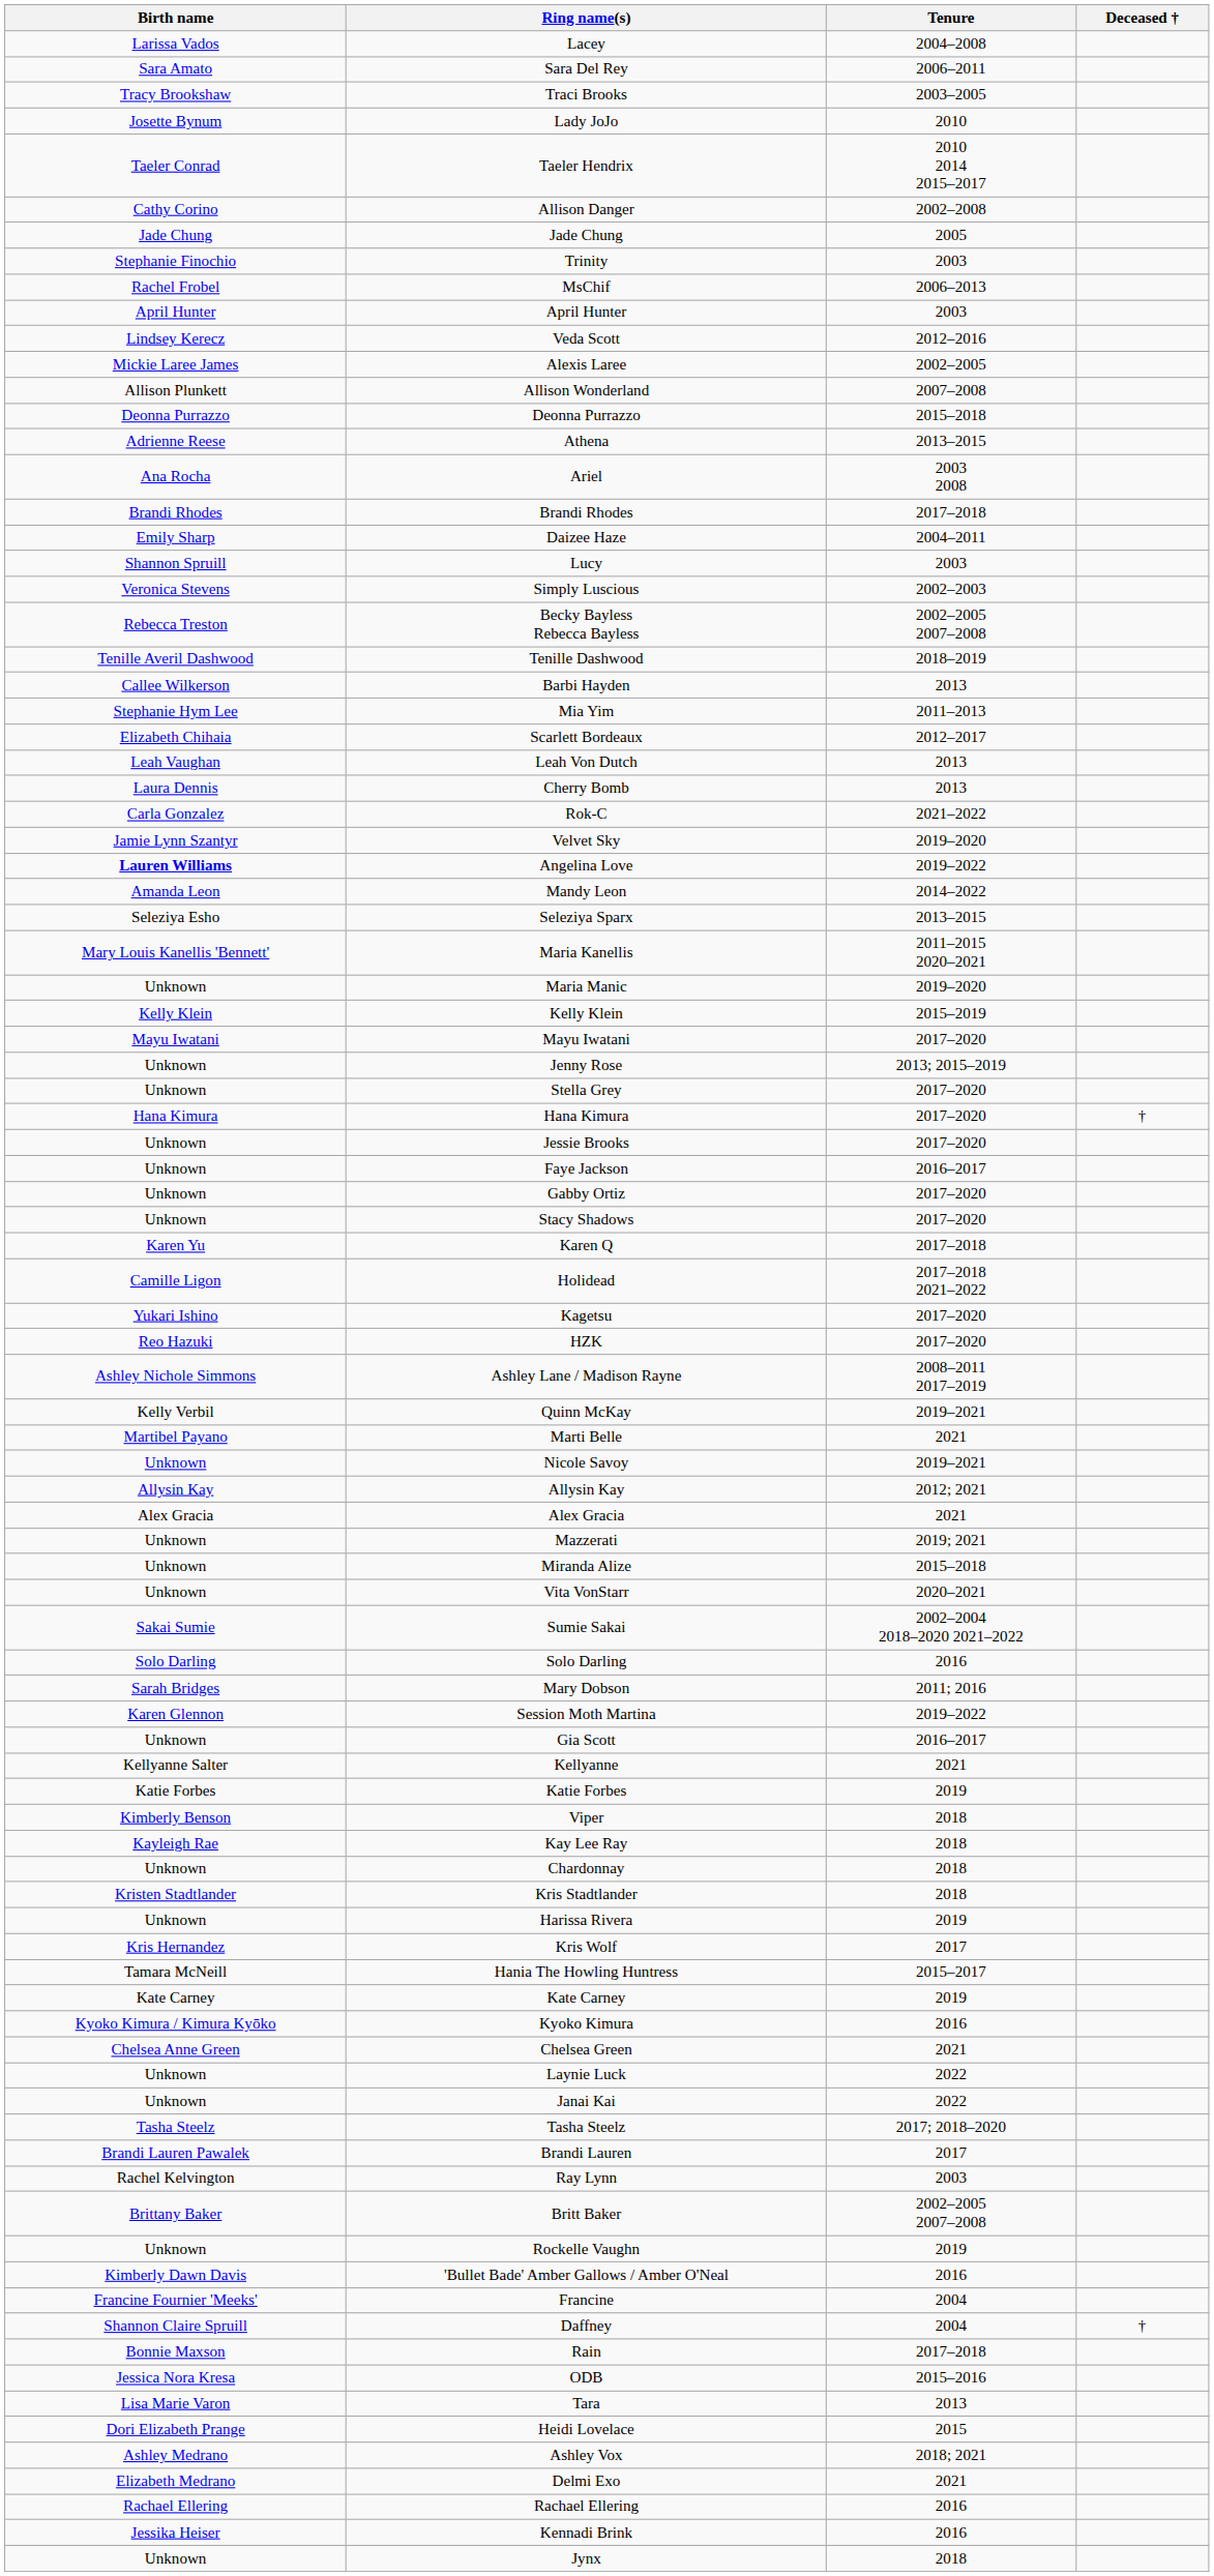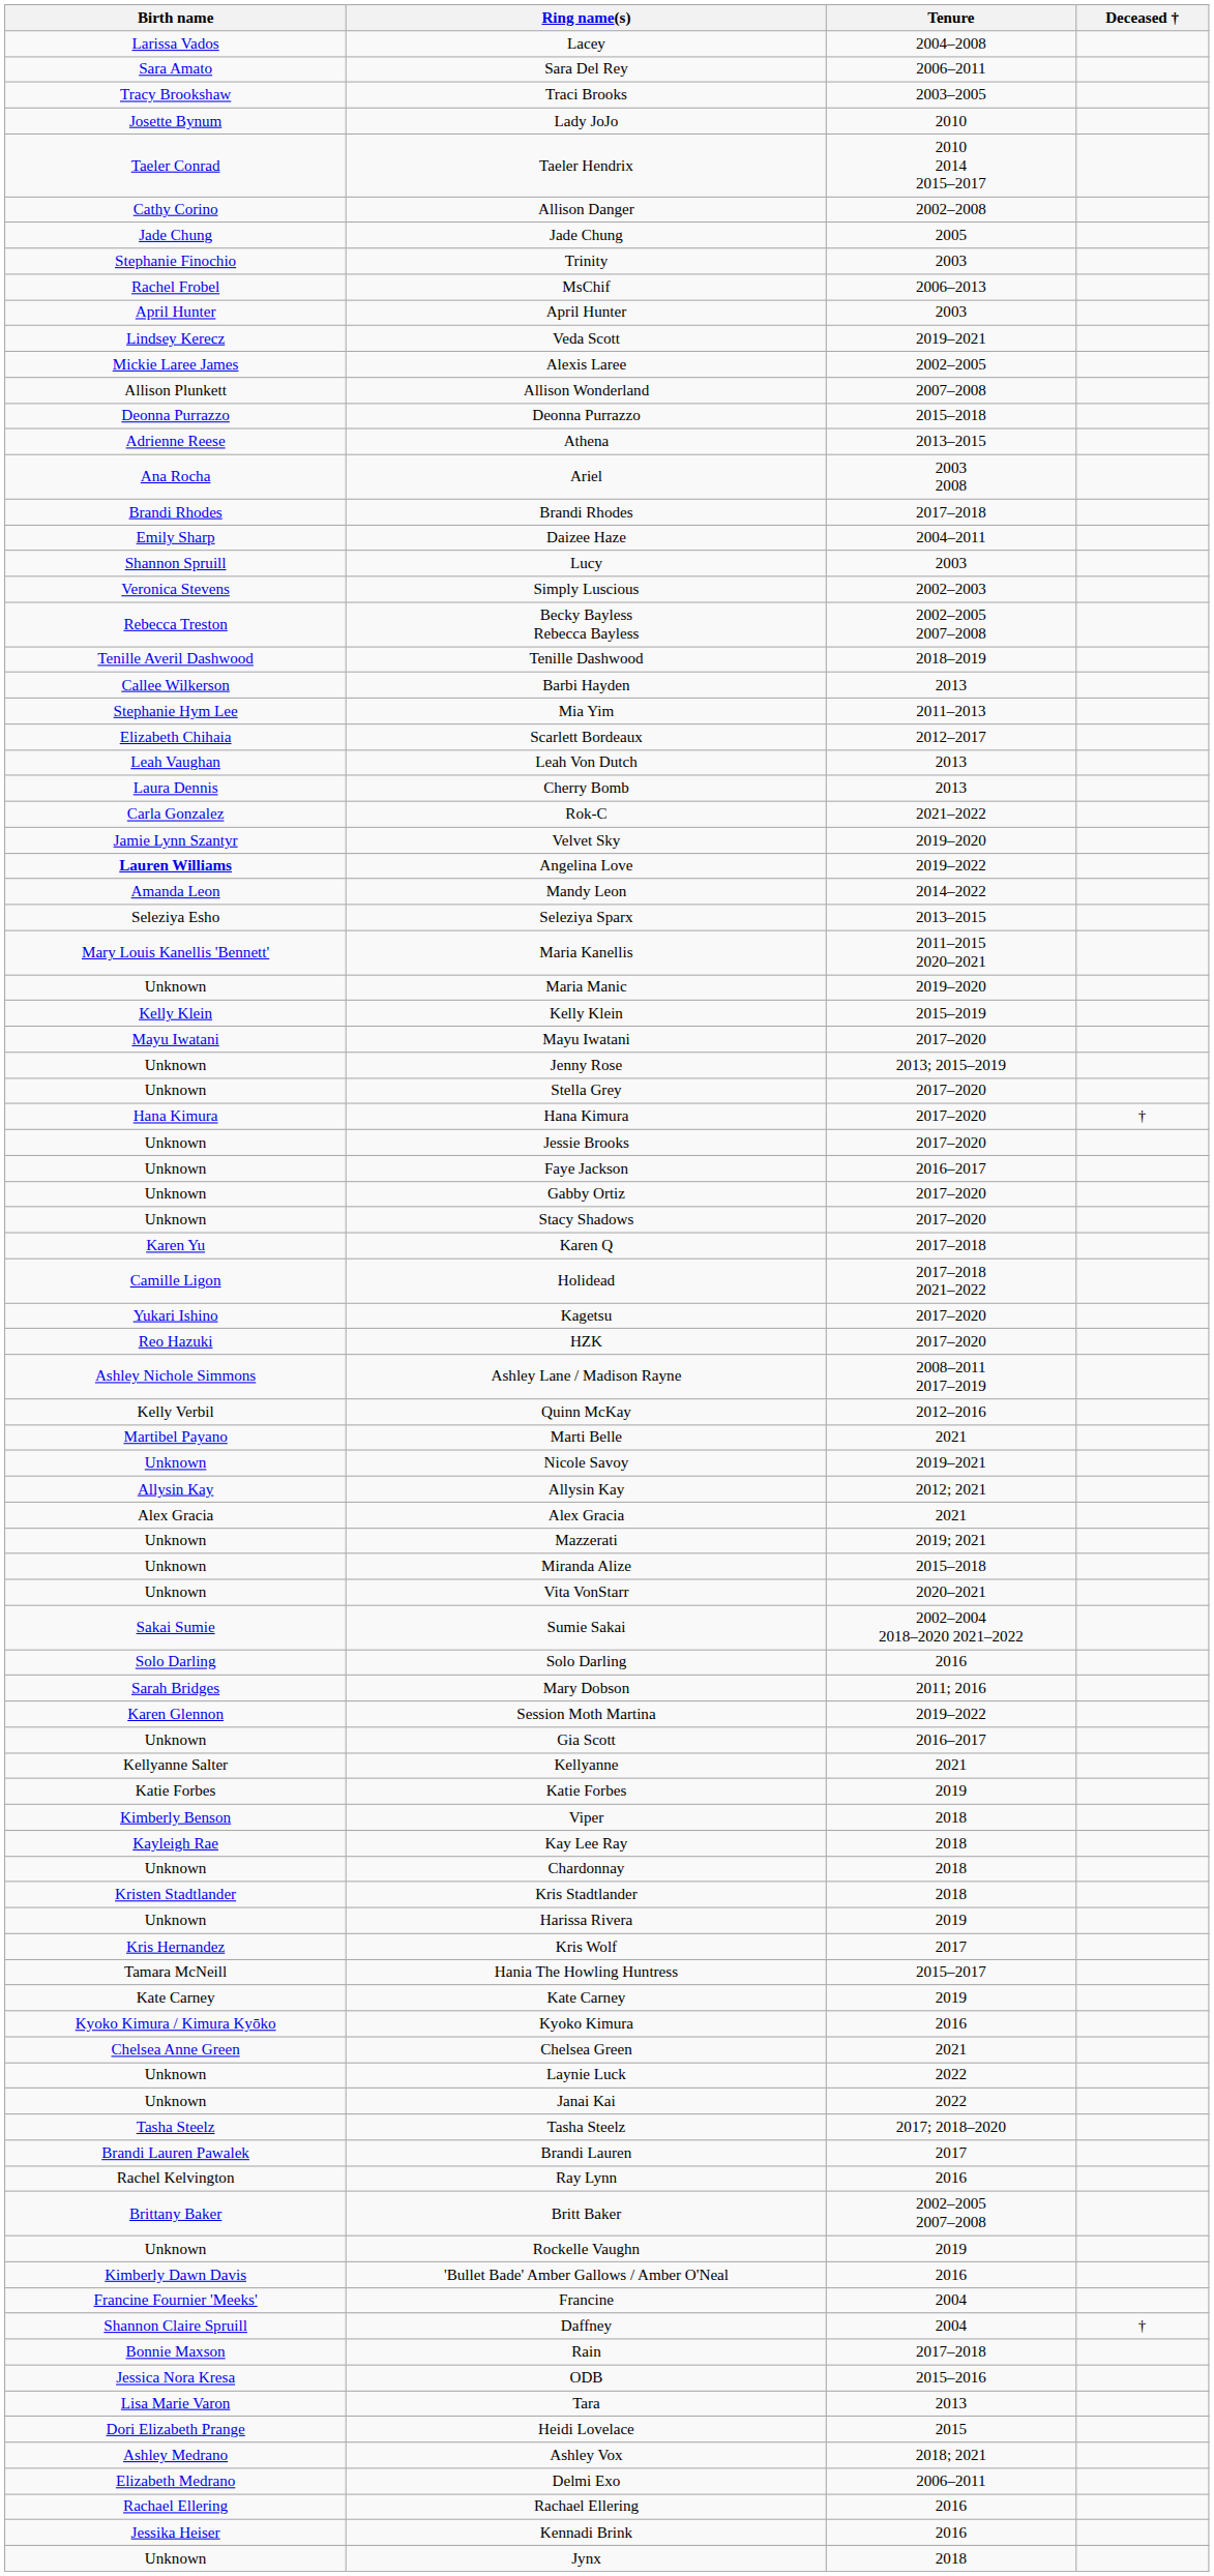 <table class="sortable wikitable" style="font-size:90%; text-align:center; width:70%;">
 <tr>
 <th>Birth name</th>
 <th><a href='#'>Ring name</a>(s)</th>
 <th>Tenure</th>
 <th>Deceased †</th>
 </tr>
 <tr>
 <td><a href='#'>Larissa Vados</a></td>
 <td>Lacey</td>
 <td>2004–2008</td>
 <td></td>
 </tr>
 <tr>
 <td><a href='#'>Sara Amato</a></td>
 <td>Sara Del Rey</td>
 <td>2006–2011</td>
 <td></td>
 </tr>
 <tr>
 <td><a href='#'>Tracy Brookshaw</a></td>
 <td>Traci Brooks</td>
 <td>2003–2005</td>
 <td></td>
 </tr>
 <tr>
 <td><a href='#'>Josette Bynum</a></td>
 <td>Lady JoJo</td>
 <td>2010</td>
 <td></td>
 </tr>
 <tr>
 <td><a href='#'>Taeler Conrad</a></td>
 <td>Taeler Hendrix</td>
 <td>2010<br>2014<br>2015–2017</td>
 <td></td>
 </tr>
 <tr>
 <td><a href='#'>Cathy Corino</a></td>
 <td>Allison Danger</td>
 <td>2002–2008</td>
 <td></td>
 </tr>
 <tr>
 <td><a href='#'>Jade Chung</a></td>
 <td>Jade Chung</td>
 <td>2005</td>
 <td></td>
 </tr>
 <tr>
 <td><a href='#'>Stephanie Finochio</a></td>
 <td>Trinity</td>
 <td>2003</td>
 <td></td>
 </tr>
 <tr>
 <td><a href='#'>Rachel Frobel</a></td>
 <td>MsChif</td>
 <td>2006–2013</td>
 <td></td>
 </tr>
 <tr>
 <td><a href='#'>April Hunter</a></td>
 <td>April Hunter</td>
 <td>2003</td>
 <td></td>
 </tr>
 <tr>
 <td><a href='#'>Lindsey Kerecz</a></td>
 <td>Veda Scott</td>
-<td>2012–2016</td>
+<td>2019–2021</td>
 <td></td>
 </tr>
 <tr>
 <td><a href='#'>Mickie Laree James</a></td>
 <td>Alexis Laree</td>
 <td>2002–2005</td>
 <td></td>
 </tr>
 <tr>
 <td>Allison Plunkett</td>
 <td>Allison Wonderland</td>
 <td>2007–2008</td>
 <td></td>
 </tr>
 <tr>
 <td><a href='#'>Deonna Purrazzo</a></td>
 <td>Deonna Purrazzo</td>
 <td>2015–2018</td>
 <td></td>
 </tr>
 <tr>
 <td><a href='#'>Adrienne Reese</a></td>
 <td>Athena</td>
 <td>2013–2015</td>
 <td></td>
 </tr>
 <tr>
 <td><a href='#'>Ana Rocha</a></td>
 <td>Ariel</td>
 <td>2003<br>2008</td>
 <td></td>
 </tr>
 <tr>
 <td><a href='#'>Brandi Rhodes</a></td>
 <td>Brandi Rhodes</td>
 <td>2017–2018</td>
 <td></td>
 </tr>
 <tr>
 <td><a href='#'>Emily Sharp</a></td>
 <td>Daizee Haze</td>
 <td>2004–2011</td>
 <td></td>
 </tr>
 <tr>
 <td><a href='#'>Shannon Spruill</a></td>
 <td>Lucy</td>
 <td>2003</td>
 <td></td>
 </tr>
 <tr>
 <td><a href='#'>Veronica Stevens</a></td>
 <td>Simply Luscious</td>
 <td>2002–2003</td>
 <td></td>
 </tr>
 <tr>
 <td><a href='#'>Rebecca Treston</a></td>
 <td>Becky Bayless<br>Rebecca Bayless</td>
 <td>2002–2005<br>2007–2008</td>
 <td></td>
 </tr>
 <tr>
 <td><a href='#'>Tenille Averil Dashwood</a></td>
 <td>Tenille Dashwood</td>
 <td>2018–2019</td>
 <td></td>
 </tr>
 <tr>
 <td><a href='#'>Callee Wilkerson</a></td>
 <td>Barbi Hayden</td>
 <td>2013</td>
 <td></td>
 </tr>
 <tr>
 <td><a href='#'>Stephanie Hym Lee</a></td>
 <td>Mia Yim</td>
 <td>2011–2013</td>
 <td></td>
 </tr>
 <tr>
 <td><a href='#'>Elizabeth Chihaia</a></td>
 <td>Scarlett Bordeaux</td>
 <td>2012–2017</td>
 <td></td>
 </tr>
 <tr>
 <td><a href='#'>Leah Vaughan</a></td>
 <td>Leah Von Dutch</td>
 <td>2013</td>
 <td></td>
 </tr>
 <tr>
 <td><a href='#'>Laura Dennis</a></td>
 <td>Cherry Bomb</td>
 <td>2013</td>
 <td></td>
 </tr>
 <tr>
 <td><a href='#'>Carla Gonzalez</a></td>
 <td>Rok-C</td>
 <td>2021–2022</td>
 <td></td>
 </tr>
 <tr>
 <td><a href='#'>Jamie Lynn Szantyr</a></td>
 <td>Velvet Sky</td>
 <td>2019–2020</td>
 <td></td>
 </tr>
 <tr>
 <td><strong><a href='#'>Lauren Williams</a></strong></td>
 <td>Angelina Love</td>
 <td>2019–2022</td>
 <td></td>
 </tr>
 <tr>
 <td><a href='#'>Amanda Leon</a></td>
 <td>Mandy Leon</td>
 <td>2014–2022</td>
 <td></td>
 </tr>
 <tr>
 <td>Seleziya Esho</td>
 <td>Seleziya Sparx</td>
 <td>2013–2015</td>
 <td></td>
 </tr>
 <tr>
 <td><a href='#'>Mary Louis Kanellis 'Bennett'</a></td>
 <td>Maria Kanellis</td>
 <td>2011–2015<br>2020–2021</td>
 <td></td>
 </tr>
 <tr>
 <td>Unknown</td>
 <td>Maria Manic</td>
 <td>2019–2020</td>
 <td></td>
 </tr>
 <tr>
 <td><a href='#'>Kelly Klein</a></td>
 <td>Kelly Klein</td>
 <td>2015–2019</td>
 <td></td>
 </tr>
 <tr>
 <td><a href='#'>Mayu Iwatani</a></td>
 <td>Mayu Iwatani</td>
 <td>2017–2020</td>
 <td></td>
 </tr>
 <tr>
 <td>Unknown</td>
 <td>Jenny Rose</td>
 <td>2013; 2015–2019</td>
 <td></td>
 </tr>
 <tr>
 <td>Unknown</td>
 <td>Stella Grey</td>
 <td>2017–2020</td>
 <td></td>
 </tr>
 <tr>
 <td><a href='#'>Hana Kimura</a></td>
 <td>Hana Kimura</td>
 <td>2017–2020</td>
 <td>†</td>
 </tr>
 <tr>
 <td>Unknown</td>
 <td>Jessie Brooks</td>
 <td>2017–2020</td>
 <td></td>
 </tr>
 <tr>
 <td>Unknown</td>
 <td>Faye Jackson</td>
 <td>2016–2017</td>
 <td></td>
 </tr>
 <tr>
 <td>Unknown</td>
 <td>Gabby Ortiz</td>
 <td>2017–2020</td>
 <td></td>
 </tr>
 <tr>
 <td>Unknown</td>
 <td>Stacy Shadows</td>
 <td>2017–2020</td>
 <td></td>
 </tr>
 <tr>
 <td><a href='#'>Karen Yu</a></td>
 <td>Karen Q</td>
 <td>2017–2018</td>
 <td></td>
 </tr>
 <tr>
 <td><a href='#'>Camille Ligon</a></td>
 <td>Holidead</td>
 <td>2017–2018<br>2021–2022</td>
 <td></td>
 </tr>
 <tr>
 <td><a href='#'>Yukari Ishino</a></td>
 <td>Kagetsu</td>
 <td>2017–2020</td>
 <td></td>
 </tr>
 <tr>
 <td><a href='#'>Reo Hazuki</a></td>
 <td>HZK</td>
 <td>2017–2020</td>
 <td></td>
 </tr>
 <tr>
 <td><a href='#'>Ashley Nichole Simmons</a></td>
 <td>Ashley Lane / Madison Rayne</td>
 <td>2008–2011<br>2017–2019</td>
 <td></td>
 </tr>
 <tr>
 <td>Kelly Verbil</td>
 <td>Quinn McKay</td>
-<td>2019–2021</td>
+<td>2012–2016</td>
 <td></td>
 </tr>
 <tr>
 <td><a href='#'>Martibel Payano</a></td>
 <td>Marti Belle</td>
 <td>2021</td>
 <td></td>
 </tr>
 <tr>
 <td><a href='#'>Unknown</a></td>
 <td>Nicole Savoy</td>
 <td>2019–2021</td>
 <td></td>
 </tr>
 <tr>
 <td><a href='#'>Allysin Kay</a></td>
 <td>Allysin Kay</td>
 <td>2012; 2021</td>
 <td></td>
 </tr>
 <tr>
 <td>Alex Gracia</td>
 <td>Alex Gracia</td>
 <td>2021</td>
 <td></td>
 </tr>
 <tr>
 <td>Unknown</td>
 <td>Mazzerati</td>
 <td>2019; 2021</td>
 <td></td>
 </tr>
 <tr>
 <td>Unknown</td>
 <td>Miranda Alize</td>
 <td>2015–2018</td>
 <td></td>
 </tr>
 <tr>
 <td>Unknown</td>
 <td>Vita VonStarr</td>
 <td>2020–2021</td>
 <td></td>
 </tr>
 <tr>
 <td><a href='#'>Sakai Sumie</a></td>
 <td>Sumie Sakai</td>
 <td>2002–2004<br>2018–2020 2021–2022</td>
 <td></td>
 </tr>
 <tr>
 <td><a href='#'>Solo Darling</a></td>
 <td>Solo Darling</td>
 <td>2016</td>
 <td></td>
 </tr>
 <tr>
 <td><a href='#'>Sarah Bridges</a></td>
 <td>Mary Dobson</td>
 <td>2011; 2016</td>
 <td></td>
 </tr>
 <tr>
 <td><a href='#'>Karen Glennon</a></td>
 <td>Session Moth Martina</td>
 <td>2019–2022</td>
 <td></td>
 </tr>
 <tr>
 <td>Unknown</td>
 <td>Gia Scott</td>
 <td>2016–2017</td>
 <td></td>
 </tr>
 <tr>
 <td>Kellyanne Salter</td>
 <td>Kellyanne</td>
 <td>2021</td>
 <td></td>
 </tr>
 <tr>
 <td>Katie Forbes</td>
 <td>Katie Forbes</td>
 <td>2019</td>
 <td></td>
 </tr>
 <tr>
 <td><a href='#'>Kimberly Benson</a></td>
 <td>Viper</td>
 <td>2018</td>
 <td></td>
 </tr>
 <tr>
 <td><a href='#'>Kayleigh Rae</a></td>
 <td>Kay Lee Ray</td>
 <td>2018</td>
 <td></td>
 </tr>
 <tr>
 <td>Unknown</td>
 <td>Chardonnay</td>
 <td>2018</td>
 <td></td>
 </tr>
 <tr>
 <td><a href='#'>Kristen Stadtlander</a></td>
 <td>Kris Stadtlander</td>
 <td>2018</td>
 <td></td>
 </tr>
 <tr>
 <td>Unknown</td>
 <td>Harissa Rivera</td>
 <td>2019</td>
 <td></td>
 </tr>
 <tr>
 <td><a href='#'>Kris Hernandez</a></td>
 <td>Kris Wolf</td>
 <td>2017</td>
 <td></td>
 </tr>
 <tr>
 <td>Tamara McNeill</td>
 <td>Hania The Howling Huntress</td>
 <td>2015–2017</td>
 <td></td>
 </tr>
 <tr>
 <td>Kate Carney</td>
 <td>Kate Carney</td>
 <td>2019</td>
 <td></td>
 </tr>
 <tr>
 <td><a href='#'>Kyoko Kimura / Kimura Kyōko</a></td>
 <td>Kyoko Kimura</td>
 <td>2016</td>
 <td></td>
 </tr>
 <tr>
 <td><a href='#'>Chelsea Anne Green</a></td>
 <td>Chelsea Green</td>
 <td>2021</td>
 <td></td>
 </tr>
 <tr>
 <td>Unknown</td>
 <td>Laynie Luck</td>
 <td>2022</td>
 <td></td>
 </tr>
 <tr>
 <td>Unknown</td>
 <td>Janai Kai</td>
 <td>2022</td>
 <td></td>
 </tr>
 <tr>
 <td><a href='#'>Tasha Steelz</a></td>
 <td>Tasha Steelz</td>
 <td>2017; 2018–2020</td>
 <td></td>
 </tr>
 <tr>
 <td><a href='#'>Brandi Lauren Pawalek</a></td>
 <td>Brandi Lauren</td>
 <td>2017</td>
 <td></td>
 </tr>
 <tr>
 <td>Rachel Kelvington</td>
 <td>Ray Lynn</td>
-<td>2003</td>
+<td>2016</td>
 <td></td>
 </tr>
 <tr>
 <td><a href='#'>Brittany Baker</a></td>
 <td>Britt Baker</td>
 <td>2002–2005<br>2007–2008</td>
 <td></td>
 </tr>
 <tr>
 <td>Unknown</td>
 <td>Rockelle Vaughn</td>
 <td>2019</td>
 <td></td>
 </tr>
 <tr>
 <td><a href='#'>Kimberly Dawn Davis</a></td>
 <td>'Bullet Bade' Amber Gallows / Amber O'Neal</td>
 <td>2016</td>
 <td></td>
 </tr>
 <tr>
 <td><a href='#'>Francine Fournier 'Meeks'</a></td>
 <td>Francine</td>
 <td>2004</td>
 <td></td>
 </tr>
 <tr>
 <td><a href='#'>Shannon Claire Spruill</a></td>
 <td>Daffney</td>
 <td>2004</td>
 <td>†</td>
 </tr>
 <tr>
 <td><a href='#'>Bonnie Maxson</a></td>
 <td>Rain</td>
 <td>2017–2018</td>
 <td></td>
 </tr>
 <tr>
 <td><a href='#'>Jessica Nora Kresa</a></td>
 <td>ODB</td>
 <td>2015–2016</td>
 <td></td>
 </tr>
 <tr>
 <td><a href='#'>Lisa Marie Varon</a></td>
 <td>Tara</td>
 <td>2013</td>
 <td></td>
 </tr>
 <tr>
 <td><a href='#'>Dori Elizabeth Prange</a></td>
 <td>Heidi Lovelace</td>
 <td>2015</td>
 <td></td>
 </tr>
 <tr>
 <td><a href='#'>Ashley Medrano</a></td>
 <td>Ashley Vox</td>
 <td>2018; 2021</td>
 <td></td>
 </tr>
 <tr>
 <td><a href='#'>Elizabeth Medrano</a></td>
 <td>Delmi Exo</td>
-<td>2021</td>
+<td>2006–2011</td>
 <td></td>
 </tr>
 <tr>
 <td><a href='#'>Rachael Ellering</a></td>
 <td>Rachael Ellering</td>
 <td>2016</td>
 <td></td>
 </tr>
 <tr>
 <td><a href='#'>Jessika Heiser</a></td>
 <td>Kennadi Brink</td>
 <td>2016</td>
 <td></td>
 </tr>
 <tr>
 <td>Unknown</td>
 <td>Jynx</td>
 <td>2018</td>
 <td></td>
 </tr>
 </table>
